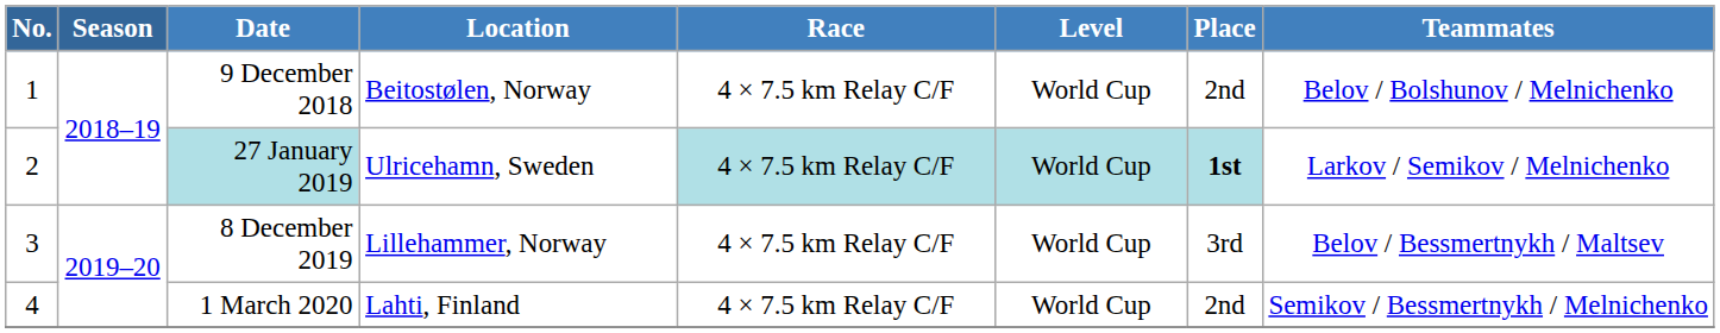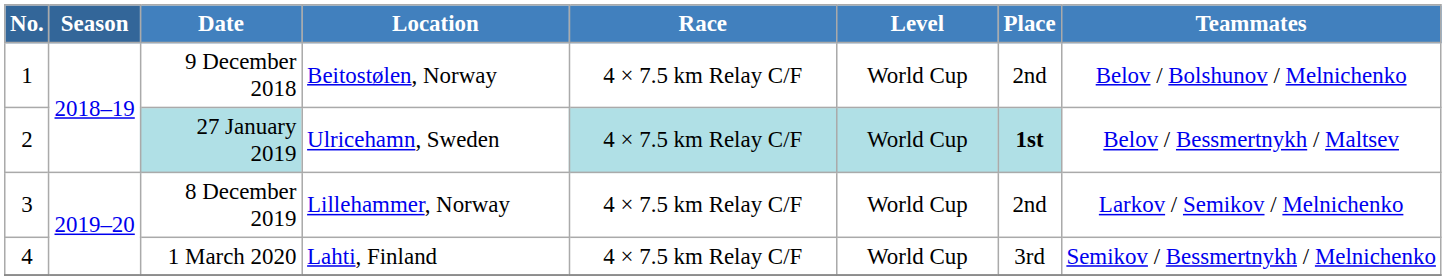 <table class="wikitable sortable" style="font-size:95%; text-align:center; border:grey solid 1px; border-collapse:collapse; background:#ffffff;">
 <tr style="background:#efefef;">
 <th style="background-color:#369; color:white;">No.</th>
 <th style="background-color:#369; color:white;">Season</th>
 <th style="background-color:#4180be; color:white; width:100px;">Date</th>
 <th style="background-color:#4180be; color:white; width:170px;">Location</th>
 <th style="background-color:#4180be; color:white; width:170px;">Race</th>
 <th style="background-color:#4180be; color:white; width:100px;">Level</th>
 <th style="background-color:#4180be; color:white;">Place</th>
 <th style="background-color:#4180be; color:white;">Teammates</th>
 </tr>
 <tr>
 <td align=center>1</td>
 <td rowspan=2 align=center><a href='#'>2018–19</a></td>
 <td align=right>9 December 2018</td>
 <td align=left> <a href='#'>Beitostølen</a>, Norway</td>
 <td>4 × 7.5 km Relay C/F</td>
 <td>World Cup</td>
 <td>2nd</td>
 <td><a href='#'>Belov</a> / <a href='#'>Bolshunov</a> / <a href='#'>Melnichenko</a></td>
 </tr>
 <tr>
 <td align=center>2</td>
 <td bgcolor="#BOEOE6" align=right>27 January 2019</td>
 <td align=left> <a href='#'>Ulricehamn</a>, Sweden</td>
 <td bgcolor="#BOEOE6">4 × 7.5 km Relay C/F</td>
 <td bgcolor="#BOEOE6">World Cup</td>
 <td bgcolor="#BOEOE6"><strong>1st</strong></td>
-<td><a href='#'>Larkov</a> / <a href='#'>Semikov</a> / <a href='#'>Melnichenko</a></td>
+<td><a href='#'>Belov</a> / <a href='#'>Bessmertnykh</a> / <a href='#'>Maltsev</a></td>
 </tr>
 <tr>
 <td align=center>3</td>
 <td rowspan=2 align=center><a href='#'>2019–20</a></td>
 <td align=right>8 December 2019</td>
 <td align=left> <a href='#'>Lillehammer</a>, Norway</td>
 <td>4 × 7.5 km Relay C/F</td>
 <td>World Cup</td>
-<td>3rd</td>
-<td><a href='#'>Belov</a> / <a href='#'>Bessmertnykh</a> / <a href='#'>Maltsev</a></td>
+<td>2nd</td>
+<td><a href='#'>Larkov</a> / <a href='#'>Semikov</a> / <a href='#'>Melnichenko</a></td>
 </tr>
 <tr>
 <td align=center>4</td>
 <td align=right>1 March 2020</td>
 <td align=left> <a href='#'>Lahti</a>, Finland</td>
 <td>4 × 7.5 km Relay C/F</td>
 <td>World Cup</td>
-<td>2nd</td>
+<td>3rd</td>
 <td><a href='#'>Semikov</a> / <a href='#'>Bessmertnykh</a> / <a href='#'>Melnichenko</a></td>
 </tr>
 <tr>
 </tr>
 </table>
